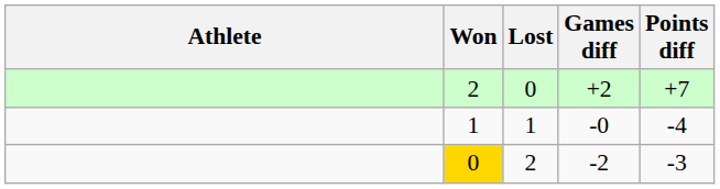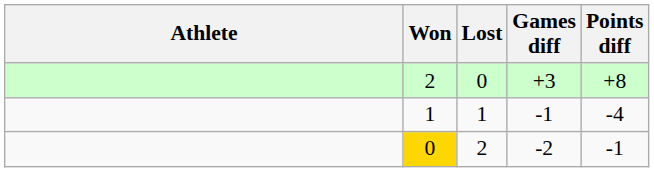 <table class="wikitable">
 <tr>
 <th style="width:18em">Athlete</th>
 <th>Won</th>
 <th>Lost</th>
 <th>Games<br>diff</th>
 <th>Points<br>diff</th>
 </tr>
 <tr bgcolor="#ccffcc">
 <td></td>
 <td align="center">2</td>
 <td align="center">0</td>
-<td align="center">+2</td>
-<td align="center">+7</td>
+<td align="center">+3</td>
+<td align="center">+8</td>
 </tr>
 <tr>
 <td></td>
 <td align="center">1</td>
 <td align="center">1</td>
-<td align="center">-0</td>
+<td align="center">-1</td>
 <td align="center">-4</td>
 </tr>
 <tr>
 <td></td>
 <td align="center" style="background: gold;">0</td>
 <td align="center">2</td>
 <td align="center">-2</td>
-<td align="center">-3</td>
+<td align="center">-1</td>
 </tr>
 </table>
